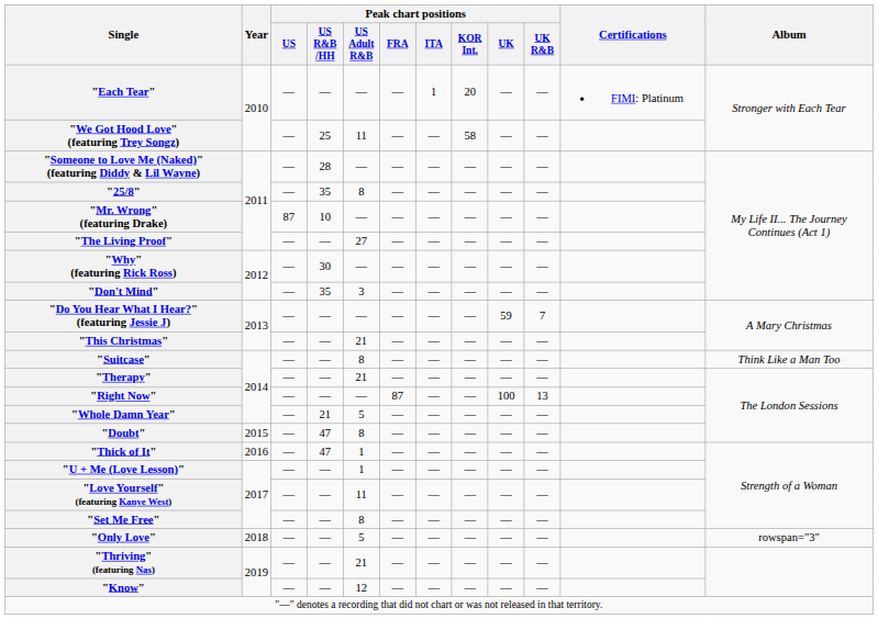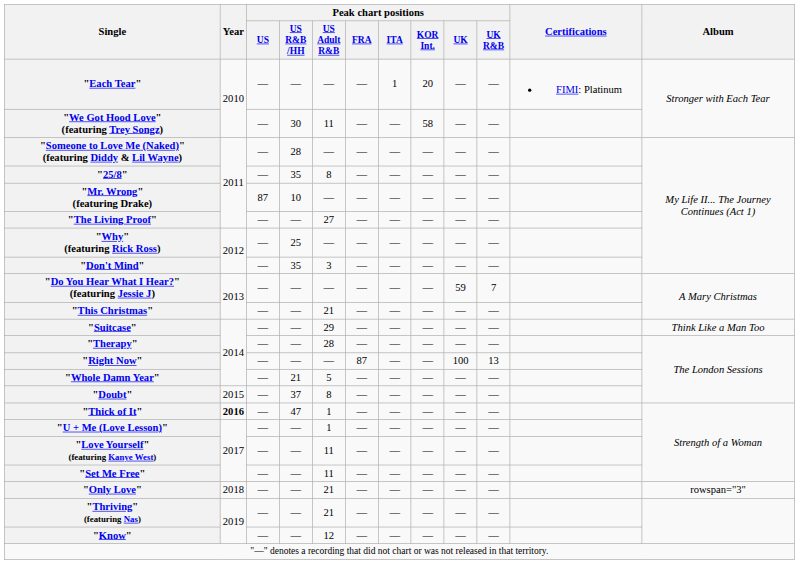 <table class="wikitable plainrowheaders" style="text-align: center;" border="1">
 <tr>
 <th scope="col" rowspan="2" style="width:20em;">Single</th>
 <th scope="col" rowspan="2" style="width:1em;">Year</th>
 <th scope="col" colspan="8">Peak chart positions</th>
 <th scope="col" rowspan="2" style="width:12em;"><a href='#'>Certifications</a></th>
 <th scope="col" rowspan="2" style="width:14em;">Album</th>
 </tr>
 <tr>
 <th style="width:3em;font-size:90%"><a href='#'>US</a><br></th>
 <th style="width:3em;font-size:90%"><a href='#'>US R&B<br>/HH</a><br></th>
 <th style="width:3em;font-size:90%"><a href='#'>US Adult R&B</a><br></th>
 <th style="width:3em;font-size:90%"><a href='#'>FRA</a><br></th>
 <th style="width:3em;font-size:90%"><a href='#'>ITA</a><br></th>
 <th scope="col" style="width:3em;font-size:90%;"><a href='#'>KOR Int.</a><br></th>
 <th style="width:3em;font-size:90%"><a href='#'>UK</a><br></th>
 <th style="width:3em;font-size:90%"><a href='#'>UK R&B</a><br></th>
 </tr>
 <tr>
 <th scope="row">"<a href='#'>Each Tear</a>"</th>
 <td rowspan="2">2010</td>
 <td>—</td>
 <td>—</td>
 <td>—</td>
 <td>—</td>
 <td>1</td>
 <td>20</td>
 <td>—</td>
 <td>—</td>
 <td><br><ul><li><a href='#'>FIMI</a>: Platinum</li></ul></td>
 <td rowspan="2"><em>Stronger with Each Tear</em></td>
 </tr>
 <tr>
 <th scope="row">"<a href='#'>We Got Hood Love</a>" <br><span>(featuring <a href='#'>Trey Songz</a>)</span></th>
 <td>—</td>
-<td>25</td>
+<td>30</td>
 <td>11</td>
 <td>—</td>
 <td>—</td>
 <td>58</td>
 <td>—</td>
 <td>—</td>
 <td></td>
 </tr>
 <tr>
 <th scope="row">"<a href='#'>Someone to Love Me (Naked)</a>"<br><span>(featuring <a href='#'>Diddy</a> & <a href='#'>Lil Wayne</a>)</span></th>
 <td rowspan="4">2011</td>
 <td>—</td>
 <td>28</td>
 <td>—</td>
 <td>—</td>
 <td>—</td>
 <td>—</td>
 <td>—</td>
 <td>—</td>
 <td></td>
 <td rowspan="6"><em>My Life II... The Journey Continues (Act 1)</em></td>
 </tr>
 <tr>
 <th scope="row">"<a href='#'>25/8</a>"</th>
 <td>—</td>
 <td>35</td>
 <td>8</td>
 <td>—</td>
 <td>—</td>
 <td>—</td>
 <td>—</td>
 <td>—</td>
 <td></td>
 </tr>
 <tr>
 <th scope="row">"<a href='#'>Mr. Wrong</a>" <br><span>(featuring Drake)</span></th>
 <td>87</td>
 <td>10</td>
 <td>—</td>
 <td>—</td>
 <td>—</td>
 <td>—</td>
 <td>—</td>
 <td>—</td>
 <td></td>
 </tr>
 <tr>
 <th scope="row">"<a href='#'>The Living Proof</a>"</th>
 <td>—</td>
 <td>—</td>
 <td>27</td>
 <td>—</td>
 <td>—</td>
 <td>—</td>
 <td>—</td>
 <td>—</td>
 <td></td>
 </tr>
 <tr>
 <th scope="row">"<a href='#'>Why</a>" <br><span>(featuring <a href='#'>Rick Ross</a>)</span></th>
 <td rowspan="2">2012</td>
 <td>—</td>
-<td>30</td>
+<td>25</td>
 <td>—</td>
 <td>—</td>
 <td>—</td>
 <td>—</td>
 <td>—</td>
 <td>—</td>
 <td></td>
 </tr>
 <tr>
 <th scope="row">"<a href='#'>Don't Mind</a>"</th>
 <td>—</td>
 <td>35</td>
 <td>3</td>
 <td>—</td>
 <td>—</td>
 <td>—</td>
 <td>—</td>
 <td>—</td>
 <td></td>
 </tr>
 <tr>
 <th scope="row">"<a href='#'>Do You Hear What I Hear?</a>" <br><span>(featuring <a href='#'>Jessie J</a>)</span></th>
 <td rowspan="2">2013</td>
 <td>—</td>
 <td>—</td>
 <td>—</td>
 <td>—</td>
 <td>—</td>
 <td>—</td>
 <td>59</td>
 <td>7</td>
 <td></td>
 <td rowspan="2"><em>A Mary Christmas</em></td>
 </tr>
 <tr>
 <th scope="row">"<a href='#'>This Christmas</a>"</th>
 <td>—</td>
 <td>—</td>
 <td>21</td>
 <td>—</td>
 <td>—</td>
 <td>—</td>
 <td>—</td>
 <td>—</td>
 <td></td>
 </tr>
 <tr>
 <th scope="row">"<a href='#'>Suitcase</a>"</th>
 <td rowspan="4">2014</td>
 <td>—</td>
 <td>—</td>
-<td>8</td>
+<td>29</td>
 <td>—</td>
 <td>—</td>
 <td>—</td>
 <td>—</td>
 <td>—</td>
 <td></td>
 <td><em>Think Like a Man Too</em></td>
 </tr>
 <tr>
 <th scope="row">"<a href='#'>Therapy</a>"</th>
 <td>—</td>
 <td>—</td>
-<td>21</td>
+<td>28</td>
 <td>—</td>
 <td>—</td>
 <td>—</td>
 <td>—</td>
 <td>—</td>
 <td></td>
 <td rowspan="4"><em>The London Sessions</em></td>
 </tr>
 <tr>
 <th scope="row">"<a href='#'>Right Now</a>"</th>
 <td>—</td>
 <td>—</td>
 <td>—</td>
 <td>87</td>
 <td>—</td>
 <td>—</td>
 <td>100</td>
 <td>13</td>
 <td></td>
 </tr>
 <tr>
 <th scope="row">"<a href='#'>Whole Damn Year</a>"</th>
 <td>—</td>
 <td>21</td>
 <td>5</td>
 <td>—</td>
 <td>—</td>
 <td>—</td>
 <td>—</td>
 <td>—</td>
 <td></td>
 </tr>
 <tr>
 <th scope="row">"<a href='#'>Doubt</a>"</th>
 <td>2015</td>
 <td>—</td>
-<td>47</td>
+<td>37</td>
 <td>8</td>
 <td>—</td>
 <td>—</td>
 <td>—</td>
 <td>—</td>
 <td>—</td>
 <td></td>
 </tr>
 <tr>
 <th scope="row">"<a href='#'>Thick of It</a>"</th>
-<td>2016</td>
+<td><strong>2016</strong></td>
 <td>—</td>
 <td>47</td>
 <td>1</td>
 <td>—</td>
 <td>—</td>
 <td>—</td>
 <td>—</td>
 <td>—</td>
 <td></td>
 <td rowspan="4"><em>Strength of a Woman</em></td>
 </tr>
 <tr>
 <th scope="row">"<a href='#'>U + Me (Love Lesson)</a>"</th>
 <td rowspan="3">2017</td>
 <td>—</td>
 <td>—</td>
 <td>1</td>
 <td>—</td>
 <td>—</td>
 <td>—</td>
 <td>—</td>
 <td>—</td>
 <td></td>
 </tr>
 <tr>
 <th scope="row">"<a href='#'>Love Yourself</a>"<br><small>(featuring <a href='#'>Kanye West</a>)</small></th>
 <td>—</td>
 <td>—</td>
 <td>11</td>
 <td>—</td>
 <td>—</td>
 <td>—</td>
 <td>—</td>
 <td>—</td>
 <td></td>
 </tr>
 <tr>
 <th scope="row">"<a href='#'>Set Me Free</a>"</th>
 <td>—</td>
 <td>—</td>
-<td>8</td>
+<td>11</td>
 <td>—</td>
 <td>—</td>
 <td>—</td>
 <td>—</td>
 <td>—</td>
 <td></td>
 </tr>
 <tr>
 <th scope="row">"<a href='#'>Only Love</a>"</th>
 <td>2018</td>
 <td>—</td>
 <td>—</td>
-<td>5</td>
+<td>21</td>
 <td>—</td>
 <td>—</td>
 <td>—</td>
 <td>—</td>
 <td>—</td>
 <td></td>
 <td>rowspan="3" </td>
 </tr>
 <tr>
 <th scope="row">"<a href='#'>Thriving</a>"<br><small>(featuring <a href='#'>Nas</a>)</small></th>
 <td rowspan="2">2019</td>
 <td>—</td>
 <td>—</td>
 <td>21</td>
 <td>—</td>
 <td>—</td>
 <td>—</td>
 <td>—</td>
 <td>—</td>
 <td></td>
 </tr>
 <tr>
 <th scope="row">"<a href='#'>Know</a>"</th>
 <td>—</td>
 <td>—</td>
 <td>12</td>
 <td>—</td>
 <td>—</td>
 <td>—</td>
 <td>—</td>
 <td>—</td>
 <td></td>
 </tr>
 <tr>
 <td colspan="16" style="font-size:90%">"—" denotes a recording that did not chart or was not released in that territory.</td>
 </tr>
 </table>
